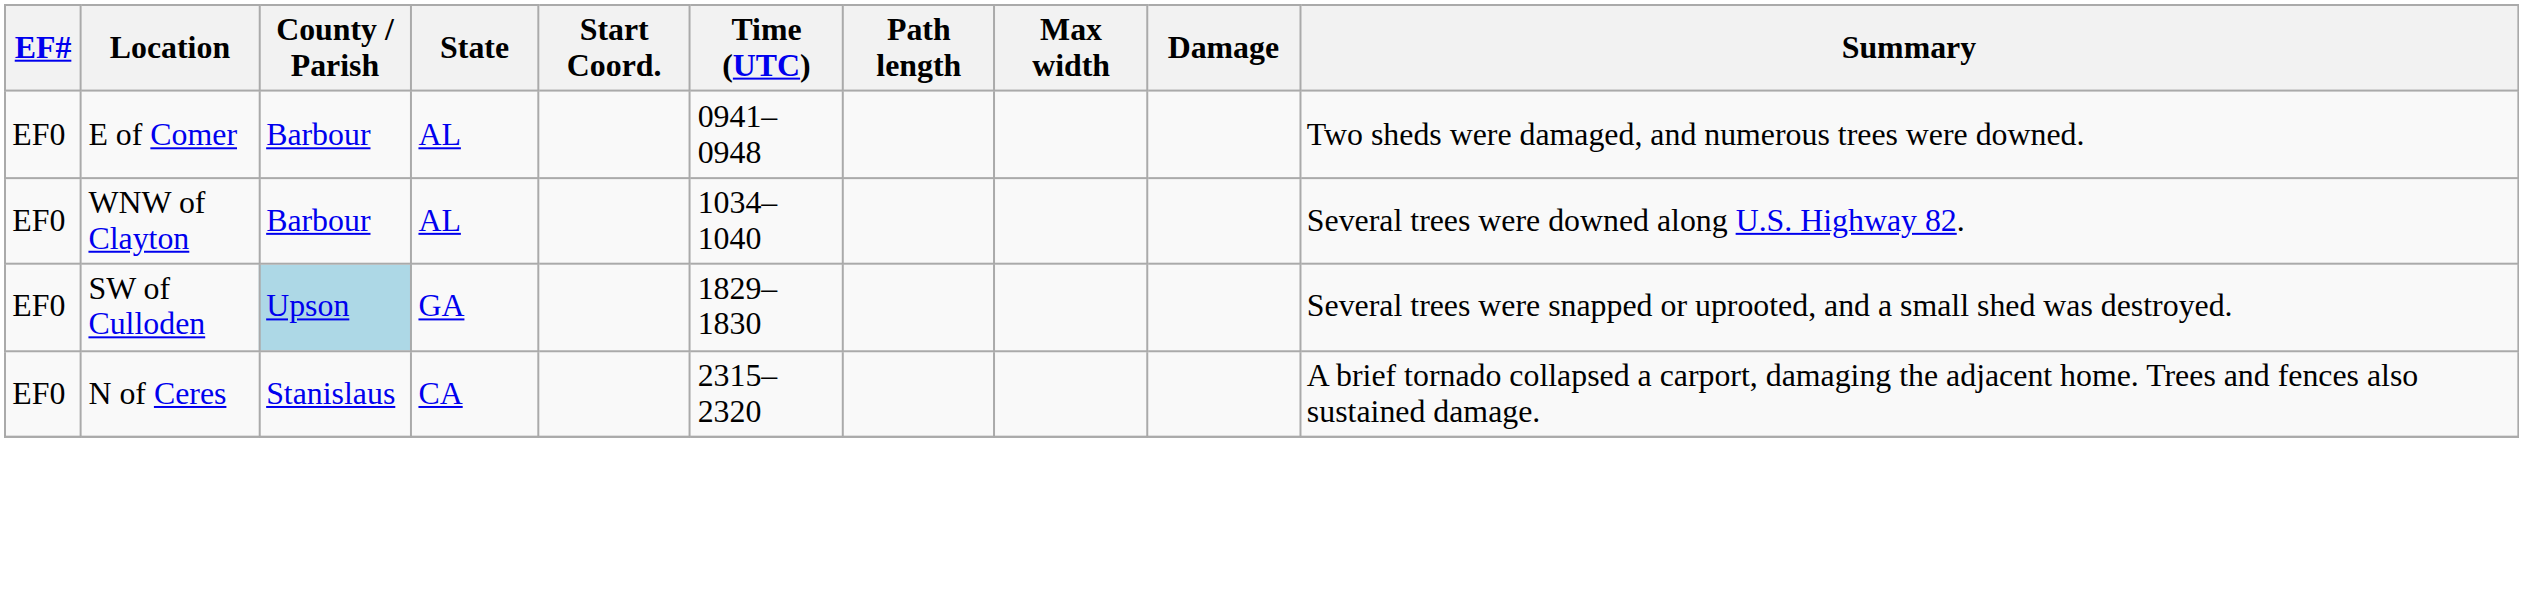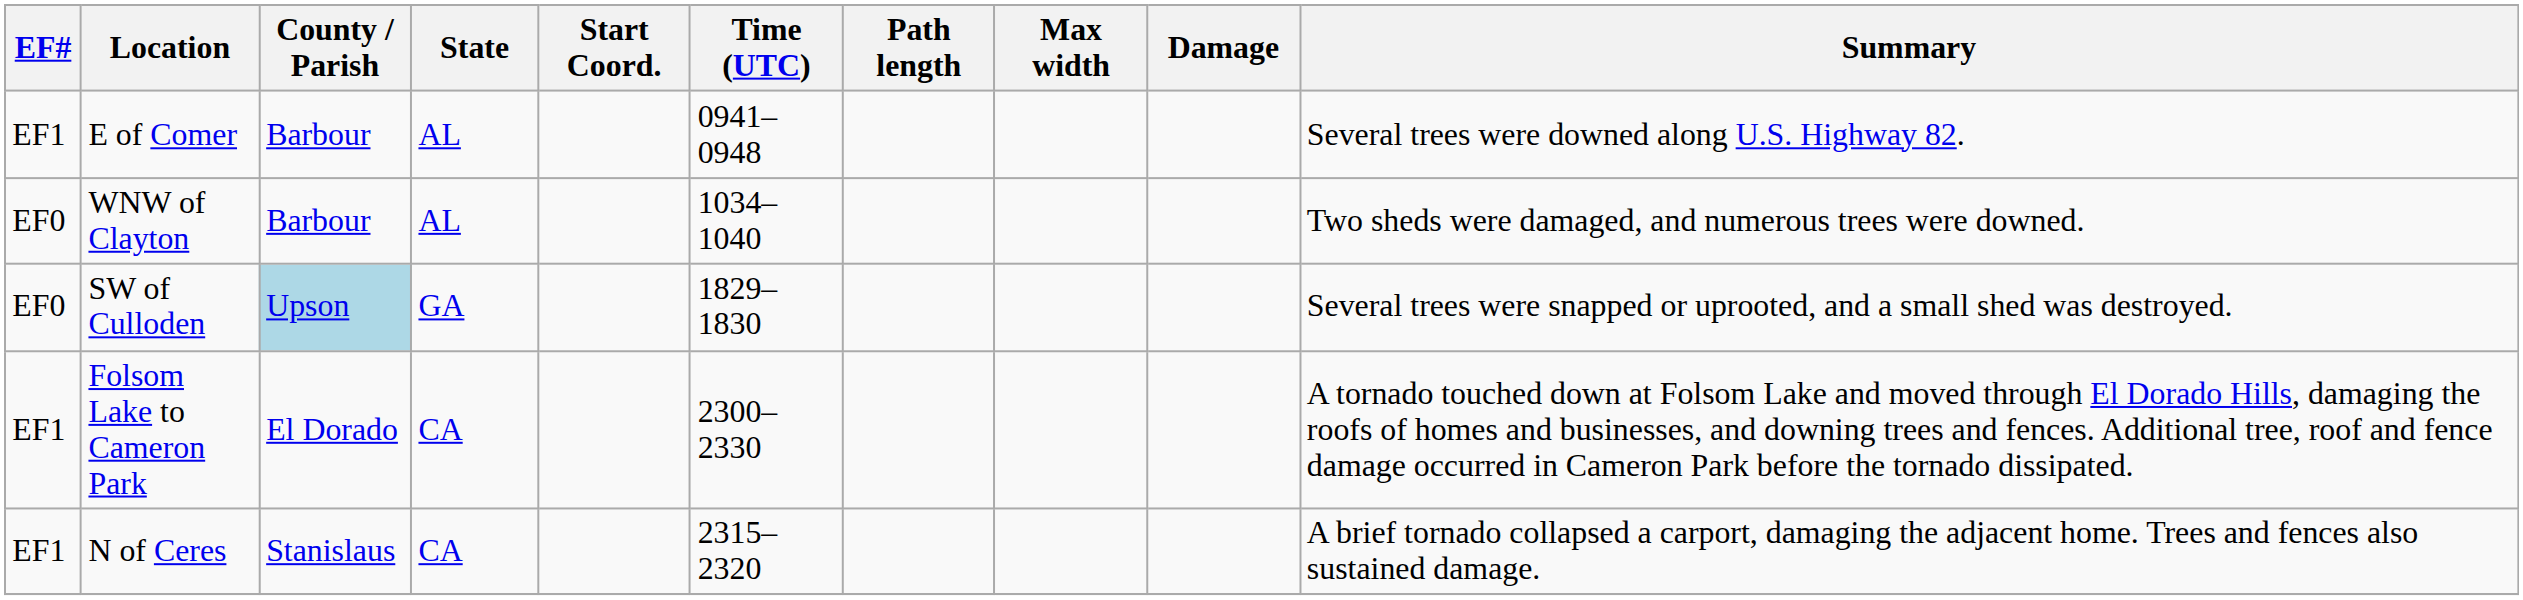 <table class="wikitable sortable" style="width:100%;">
 <tr>
 <th scope="col"  style="width:3%; text-align:center;"><a href='#'>EF#</a></th>
 <th scope="col"  style="width:7%; text-align:center;" class="unsortable">Location</th>
 <th scope="col"  style="width:6%; text-align:center;" class="unsortable">County / Parish</th>
 <th scope="col"  style="width:5%; text-align:center;">State</th>
 <th scope="col"  style="width:6%; text-align:center;">Start Coord.</th>
 <th scope="col"  style="width:6%; text-align:center;">Time (<a href='#'>UTC</a>)</th>
 <th scope="col"  style="width:6%; text-align:center;">Path length</th>
 <th scope="col"  style="width:6%; text-align:center;">Max width</th>
 <th scope="col"  style="width:6%; text-align:center;">Damage</th>
 <th scope="col" class="unsortable" style="width:48%; text-align:center;">Summary</th>
 </tr>
 <tr>
-<td>EF0</td>
+<td>EF1</td>
 <td>E of <a href='#'>Comer</a></td>
 <td><a href='#'>Barbour</a></td>
 <td><a href='#'>AL</a></td>
 <td></td>
 <td>0941–0948</td>
 <td></td>
 <td></td>
 <td></td>
-<td>Two sheds were damaged, and numerous trees were downed.</td>
+<td>Several trees were downed along <a href='#'>U.S. Highway 82</a>.</td>
 </tr>
 <tr>
 <td>EF0</td>
 <td>WNW of <a href='#'>Clayton</a></td>
 <td><a href='#'>Barbour</a></td>
 <td><a href='#'>AL</a></td>
 <td></td>
 <td>1034–1040</td>
 <td></td>
 <td></td>
 <td></td>
-<td>Several trees were downed along <a href='#'>U.S. Highway 82</a>.</td>
+<td>Two sheds were damaged, and numerous trees were downed.</td>
 </tr>
 <tr>
 <td>EF0</td>
 <td>SW of <a href='#'>Culloden</a></td>
 <td style="background: lightblue;"><a href='#'>Upson</a></td>
 <td><a href='#'>GA</a></td>
 <td></td>
 <td>1829–1830</td>
 <td></td>
 <td></td>
 <td></td>
 <td>Several trees were snapped or uprooted, and a small shed was destroyed.</td>
 </tr>
 <tr>
-<td>EF0</td>
+<td>EF1</td>
+<td><a href='#'>Folsom Lake</a> to <a href='#'>Cameron Park</a></td>
+<td><a href='#'>El Dorado</a></td>
+<td><a href='#'>CA</a></td>
+<td></td>
+<td>2300–2330</td>
+<td></td>
+<td></td>
+<td></td>
+<td>A tornado touched down at Folsom Lake and moved through <a href='#'>El Dorado Hills</a>, damaging the roofs of homes and businesses, and downing trees and fences. Additional tree, roof and fence damage occurred in Cameron Park before the tornado dissipated.</td>
+</tr>
+<tr>
+<td>EF1</td>
 <td>N of <a href='#'>Ceres</a></td>
 <td><a href='#'>Stanislaus</a></td>
 <td><a href='#'>CA</a></td>
 <td></td>
 <td>2315–2320</td>
 <td></td>
 <td></td>
 <td></td>
 <td>A brief tornado collapsed a carport, damaging the adjacent home. Trees and fences also sustained damage.</td>
 </tr>
 <tr>
 </tr>
 </table>
